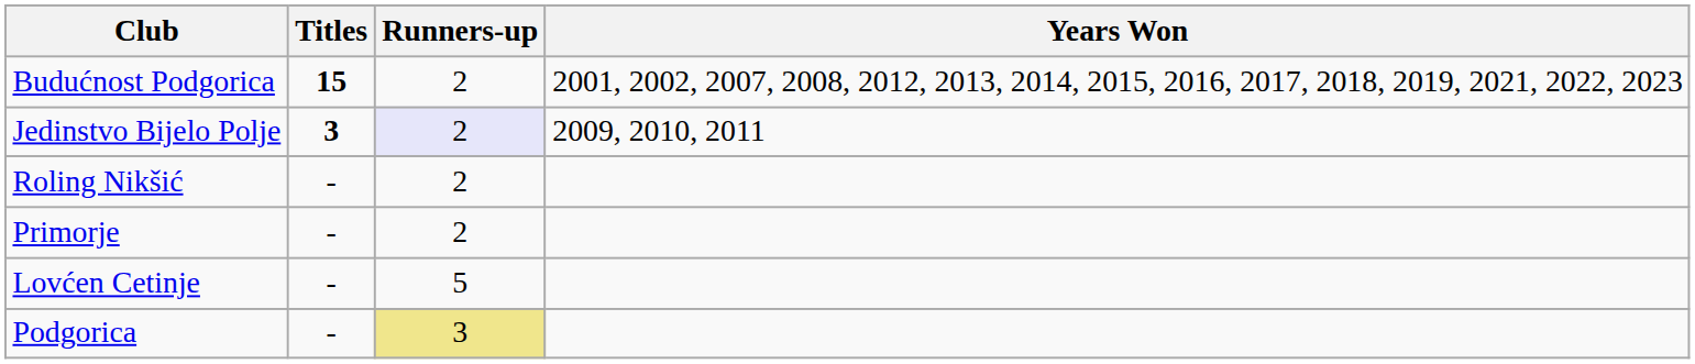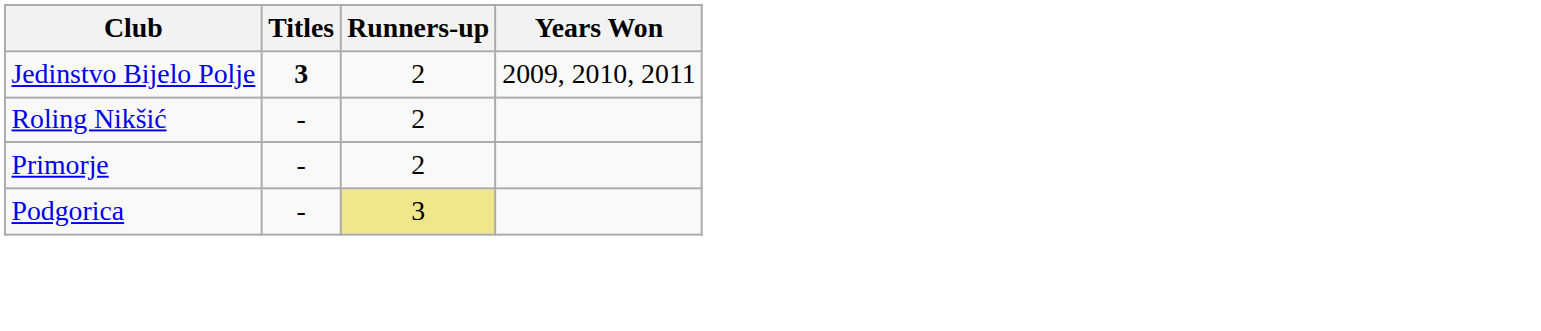 <table class="wikitable" style="font-size:90%">
 <tr>
 <th>Club</th>
 <th>Titles</th>
 <th>Runners-up</th>
 <th>Years Won</th>
 </tr>
 <tr>
-<td><a href='#'>Budućnost Podgorica</a></td>
-<td align="center"><strong>15</strong></td>
-<td align="center">2</td>
-<td>2001, 2002, 2007, 2008, 2012, 2013, 2014, 2015, 2016, 2017, 2018, 2019, 2021, 2022, 2023</td>
-</tr>
-<tr>
 <td><a href='#'>Jedinstvo Bijelo Polje</a></td>
 <td align="center"><strong>3</strong></td>
-<td align="center" style="background: lavender;">2</td>
+<td align="center">2</td>
 <td>2009, 2010, 2011</td>
 </tr>
 <tr>
 <td><a href='#'>Roling Nikšić</a></td>
 <td align="center">-</td>
 <td align="center">2</td>
 <td></td>
 </tr>
 <tr>
 <td><a href='#'>Primorje</a></td>
 <td align="center">-</td>
 <td align="center">2</td>
 <td></td>
 </tr>
 <tr>
-<td><a href='#'>Lovćen Cetinje</a></td>
-<td align="center">-</td>
-<td align="center">5</td>
-<td></td>
-</tr>
-<tr>
 <td><a href='#'>Podgorica</a></td>
 <td align="center">-</td>
 <td align="center" style="background: khaki;">3</td>
 <td></td>
 </tr>
 </table>
